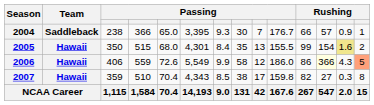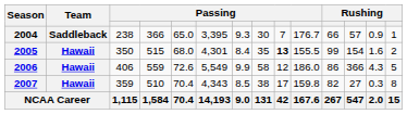 <table class="wikitable" style="text-align:center;">
 <tr>
 <th rowspan="2">Season</th>
 <th rowspan="2">Team</th>
 <th colspan="8">Passing</th>
 <th colspan="4">Rushing</th>
 </tr>
 <tr>
 <th></th>
 <th></th>
 <th></th>
 <th></th>
 <th></th>
 <th></th>
 <th></th>
 <th></th>
 <th></th>
 <th></th>
 <th></th>
 <th></th>
 </tr>
 <tr>
 <th>2004</th>
 <th>Saddleback</th>
 <td>238</td>
 <td>366</td>
 <td>65.0</td>
 <td>3,395</td>
 <td>9.3</td>
 <td>30</td>
 <td>7</td>
 <td>176.7</td>
 <td>66</td>
 <td>57</td>
 <td>0.9</td>
 <td>1</td>
 </tr>
 <tr>
 <th><a href='#'>2005</a></th>
 <th><a href='#'>Hawaii</a></th>
 <td>350</td>
 <td>515</td>
 <td>68.0</td>
 <td>4,301</td>
 <td>8.4</td>
 <td>35</td>
-<td>13</td>
+<td><strong>13</strong></td>
 <td>155.5</td>
 <td>99</td>
 <td>154</td>
-<td style="background: khaki;">1.6</td>
+<td>1.6</td>
 <td>2</td>
 </tr>
 <tr>
 <th><a href='#'>2006</a></th>
 <th><a href='#'>Hawaii</a></th>
 <td>406</td>
 <td>559</td>
 <td>72.6</td>
 <td>5,549</td>
 <td>9.9</td>
 <td>58</td>
 <td>12</td>
 <td>186.0</td>
 <td>86</td>
-<td style="background: lightyellow;">366</td>
+<td>366</td>
 <td>4.3</td>
-<td style="background: lightsalmon;">5</td>
+<td>5</td>
 </tr>
 <tr>
 <th><a href='#'>2007</a></th>
 <th><a href='#'>Hawaii</a></th>
 <td>359</td>
 <td>510</td>
 <td>70.4</td>
 <td>4,343</td>
 <td>8.5</td>
 <td>38</td>
 <td>17</td>
 <td>159.8</td>
 <td>82</td>
 <td>27</td>
 <td>0.3</td>
 <td>8</td>
 </tr>
 <tr>
 <th colspan="2">NCAA Career</th>
 <th>1,115</th>
 <th>1,584</th>
 <th>70.4</th>
 <th>14,193</th>
 <th>9.0</th>
 <th>131</th>
 <th>42</th>
 <th>167.6</th>
 <th>267</th>
 <th>547</th>
 <th>2.0</th>
 <th>15</th>
 </tr>
 </table>
